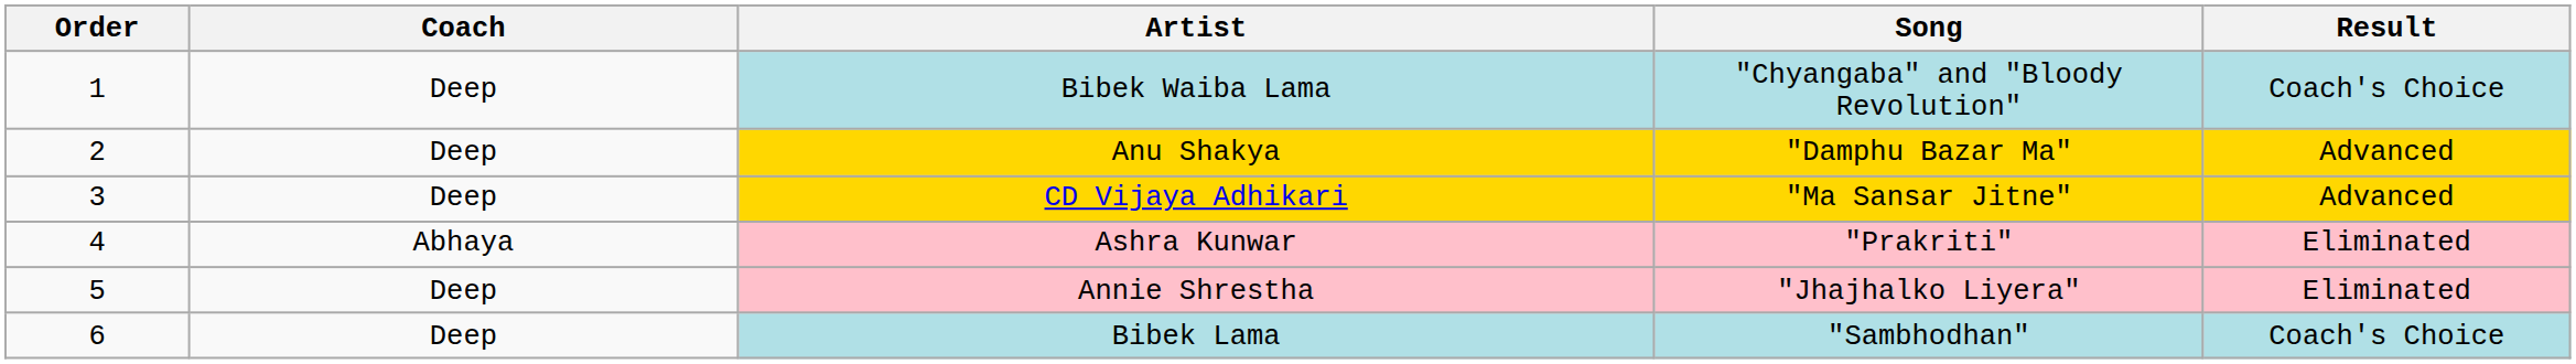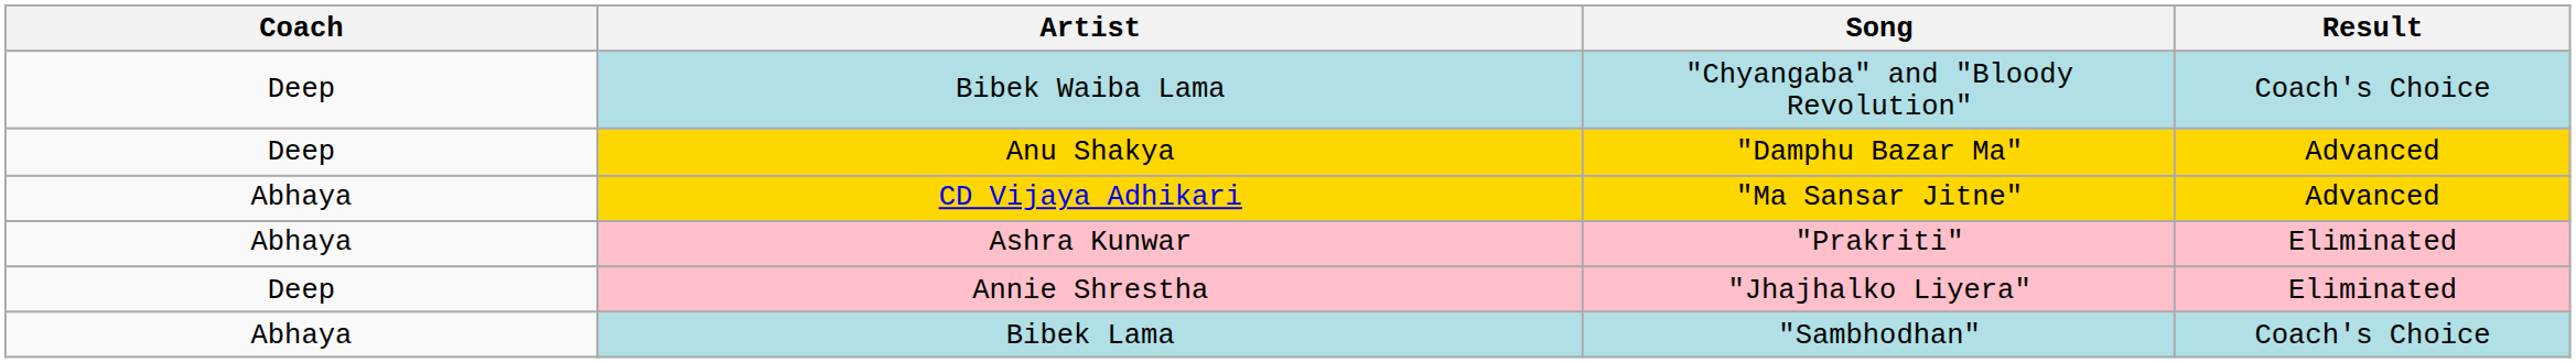 <table class="wikitable plainrowheaders" style="text-align:center; width:75%;">
 <tr>
-<th scope="col" style="width:05%;">Order</th>
 <th scope="col" style="width:15%;">Coach</th>
 <th scope="col" style="width:25%;">Artist</th>
 <th scope="col" style="width:15%;">Song</th>
 <th scope="col" style="width:10%;">Result</th>
 </tr>
 <tr>
-<td scope="row">1</td>
 <td>Deep</td>
 <td style="background:#b0e0e6">Bibek Waiba Lama</td>
 <td style="background:#b0e0e6">"Chyangaba" and "Bloody Revolution"</td>
 <td style="background:#b0e0e6">Coach's Choice</td>
 </tr>
 <tr>
-<td scope="row">2</td>
 <td>Deep</td>
 <td style="background:gold">Anu Shakya</td>
 <td style="background:gold">"Damphu Bazar Ma"</td>
 <td style="background:gold">Advanced</td>
 </tr>
 <tr>
-<td scope="row">3</td>
-<td>Deep</td>
+<td>Abhaya</td>
 <td style="background:gold"><a href='#'>CD Vijaya Adhikari</a></td>
 <td style="background:gold">"Ma Sansar Jitne"</td>
 <td style="background:gold">Advanced</td>
 </tr>
 <tr>
-<td scope="row">4</td>
 <td>Abhaya</td>
 <td style="background:pink">Ashra Kunwar</td>
 <td style="background:pink">"Prakriti"</td>
 <td style="background:pink">Eliminated</td>
 </tr>
 <tr>
-<td scope="row">5</td>
 <td>Deep</td>
 <td style="background:pink">Annie Shrestha</td>
 <td style="background:pink">"Jhajhalko Liyera"</td>
 <td style="background:pink">Eliminated</td>
 </tr>
 <tr>
-<td scope="row">6</td>
-<td>Deep</td>
+<td>Abhaya</td>
 <td style="background:#b0e0e6">Bibek Lama</td>
 <td style="background:#b0e0e6">"Sambhodhan"</td>
 <td style="background:#b0e0e6">Coach's Choice</td>
 </tr>
 </table>
